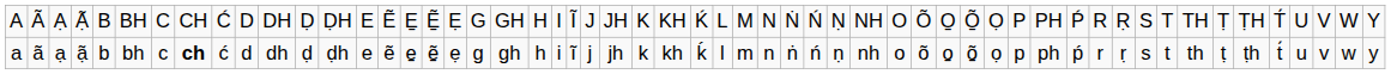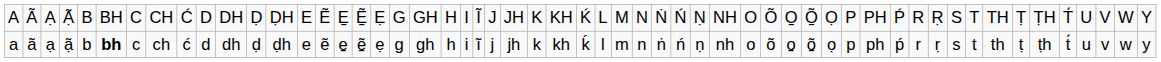 <table class=wikitable style="text-align:center;font-size:x-large">
 <tr>
 <td>A</td>
 <td>Ã</td>
 <td>Ạ</td>
 <td>Ạ̃</td>
 <td>B</td>
 <td>BH</td>
 <td>C</td>
 <td>CH</td>
 <td>Ć</td>
 <td>D</td>
 <td>DH</td>
 <td>Ḍ</td>
 <td>ḌH</td>
 <td>E</td>
 <td>Ẽ</td>
 <td>E̠</td>
 <td>Ẽ̠</td>
 <td>Ẹ</td>
 <td>G</td>
 <td>GH</td>
 <td>H</td>
 <td>I</td>
 <td>Ĩ</td>
 <td>J</td>
 <td>JH</td>
 <td>K</td>
 <td>KH</td>
 <td>Ḱ</td>
 <td>L</td>
 <td>M</td>
 <td>N</td>
 <td>Ṅ</td>
 <td>Ń</td>
 <td>Ṇ</td>
 <td>NH</td>
 <td>O</td>
 <td>Õ</td>
 <td>O̠</td>
 <td>Õ̠</td>
 <td>Ọ</td>
 <td>P</td>
 <td>PH</td>
 <td>Ṕ</td>
 <td>R</td>
 <td>Ṛ</td>
 <td>S</td>
 <td>T</td>
 <td>TH</td>
 <td>Ṭ</td>
 <td>ṬH</td>
 <td>T́</td>
 <td>U</td>
 <td>V</td>
 <td>W</td>
 <td>Y</td>
 </tr>
 <tr>
 <td>a</td>
 <td>ã</td>
 <td>ạ</td>
 <td>ạ̃</td>
 <td>b</td>
-<td>bh</td>
+<td><strong>bh</strong></td>
 <td>c</td>
-<td><strong>ch</strong></td>
+<td>ch</td>
 <td>ć</td>
 <td>d</td>
 <td>dh</td>
 <td>ḍ</td>
 <td>ḍh</td>
 <td>e</td>
 <td>ẽ</td>
 <td>e̠</td>
 <td>ẽ̠</td>
 <td>ẹ</td>
 <td>g</td>
 <td>gh</td>
 <td>h</td>
 <td>i</td>
 <td>ĩ</td>
 <td>j</td>
 <td>jh</td>
 <td>k</td>
 <td>kh</td>
 <td>ḱ</td>
 <td>l</td>
 <td>m</td>
 <td>n</td>
 <td>ṅ</td>
 <td>ń</td>
 <td>ṇ</td>
 <td>nh</td>
 <td>o</td>
 <td>õ</td>
 <td>o̠</td>
 <td>õ̠</td>
 <td>ọ</td>
 <td>p</td>
 <td>ph</td>
 <td>ṕ</td>
 <td>r</td>
 <td>ṛ</td>
 <td>s</td>
 <td>t</td>
 <td>th</td>
 <td>ṭ</td>
 <td>ṭh</td>
 <td>t́</td>
 <td>u</td>
 <td>v</td>
 <td>w</td>
 <td>y</td>
 </tr>
 </table>
